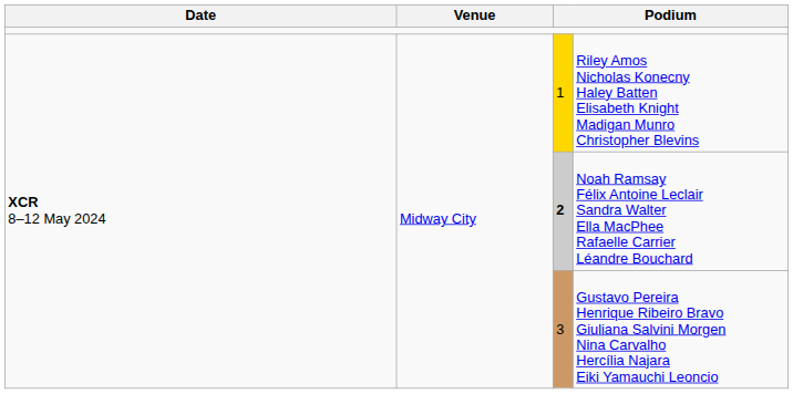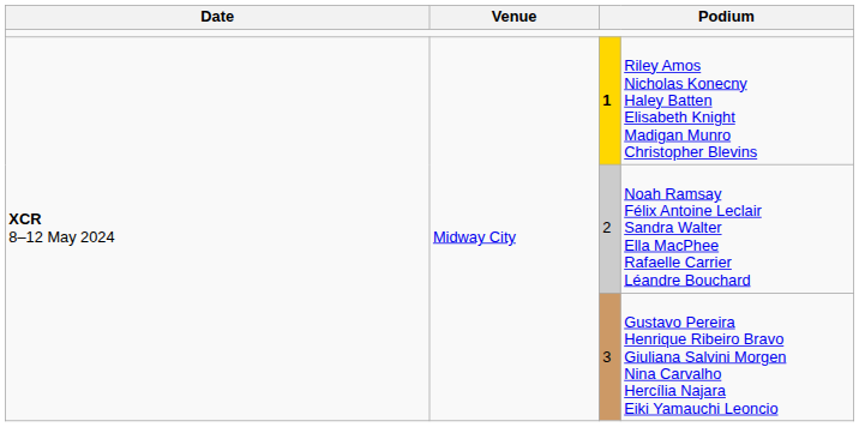 <table class="wikitable" width=70%>
 <tr>
 <th>Date</th>
 <th width=20%>Venue</th>
 <th colspan=2 width=30%>Podium</th>
 </tr>
 <tr>
 <td colspan=6></td>
 </tr>
 <tr>
 <td rowspan=3><strong>XCR</strong> <br> 8–12 May 2024</td>
 <td rowspan=3><br><a href='#'>Midway City</a></td>
-<td bgcolor=FFD700>1</td>
+<td bgcolor=FFD700><strong>1</strong></td>
 <td><br><a href='#'>Riley Amos</a><br><a href='#'>Nicholas Konecny</a><br><a href='#'>Haley Batten</a><br><a href='#'>Elisabeth Knight</a><br><a href='#'>Madigan Munro</a><br><a href='#'>Christopher Blevins</a></td>
 </tr>
 <tr>
-<td bgcolor=CCCCCC><strong>2</strong></td>
+<td bgcolor=CCCCCC>2</td>
 <td><br><a href='#'>Noah Ramsay</a><br><a href='#'>Félix Antoine Leclair</a><br><a href='#'>Sandra Walter</a><br><a href='#'>Ella MacPhee</a><br><a href='#'>Rafaelle Carrier</a><br><a href='#'>Léandre Bouchard</a></td>
 </tr>
 <tr>
 <td bgcolor=CC9966>3</td>
 <td><br><a href='#'>Gustavo Pereira</a><br><a href='#'>Henrique Ribeiro Bravo</a><br><a href='#'>Giuliana Salvini Morgen</a><br><a href='#'>Nina Carvalho</a><br><a href='#'>Hercília Najara</a><br><a href='#'>Eiki Yamauchi Leoncio</a></td>
 </tr>
 </table>
